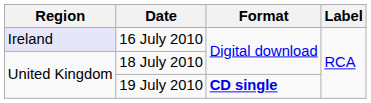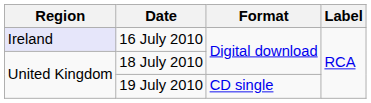 <table class="wikitable">
 <tr>
 <th>Region</th>
 <th>Date</th>
 <th>Format</th>
 <th>Label</th>
 </tr>
 <tr>
 <td style="background: lavender;">Ireland</td>
 <td>16 July 2010</td>
 <td rowspan="2"><a href='#'>Digital download</a></td>
 <td rowspan="3"><a href='#'>RCA</a></td>
 </tr>
 <tr>
 <td rowspan="2">United Kingdom</td>
 <td>18 July 2010</td>
 </tr>
 <tr>
 <td>19 July 2010</td>
-<td><strong><a href='#'>CD single</a></strong></td>
+<td><a href='#'>CD single</a></td>
 </tr>
 </table>
